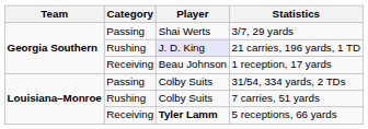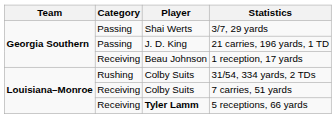 <table class="wikitable" style="float: left;">
 <tr>
 <th>Team</th>
 <th>Category</th>
 <th>Player</th>
 <th>Statistics</th>
 </tr>
 <tr>
 <td rowspan=3><strong>Georgia Southern</strong></td>
 <td>Passing</td>
 <td>Shai Werts</td>
 <td>3/7, 29 yards</td>
 </tr>
 <tr>
-<td>Rushing</td>
-<td style="background: lavender;">J. D. King</td>
+<td>Passing</td>
+<td>J. D. King</td>
 <td>21 carries, 196 yards, 1 TD</td>
 </tr>
 <tr>
 <td>Receiving</td>
 <td>Beau Johnson</td>
 <td>1 reception, 17 yards</td>
 </tr>
 <tr>
 <td rowspan=3><strong>Louisiana–Monroe</strong></td>
-<td>Passing</td>
+<td>Rushing</td>
 <td>Colby Suits</td>
 <td>31/54, 334 yards, 2 TDs</td>
 </tr>
 <tr>
-<td>Rushing</td>
+<td>Receiving</td>
 <td>Colby Suits</td>
 <td>7 carries, 51 yards</td>
 </tr>
 <tr>
 <td>Receiving</td>
 <td><strong>Tyler Lamm</strong></td>
 <td>5 receptions, 66 yards</td>
 </tr>
 </table>
